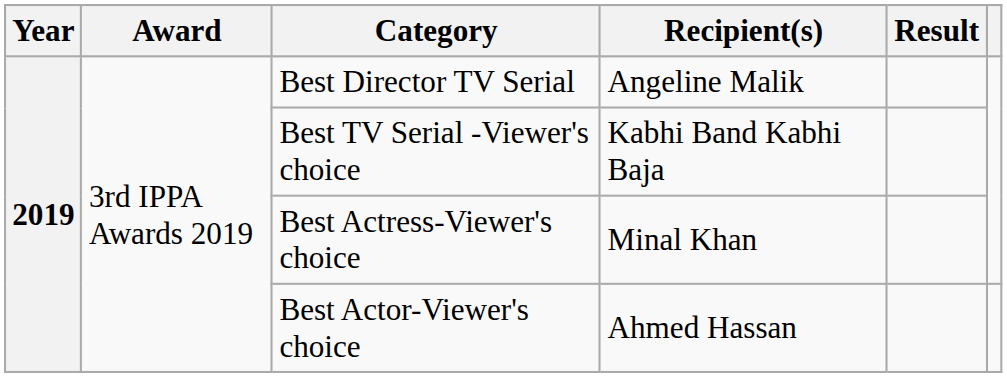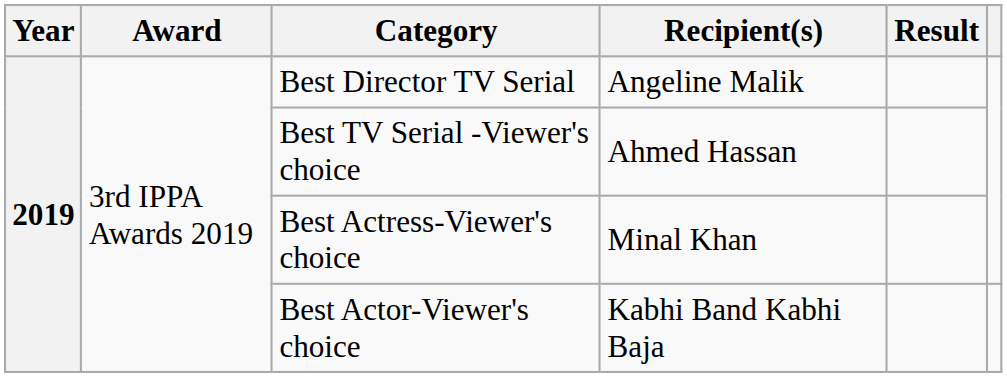 <table class="wikitable" width="78%" style="font-size: 95%;">
 <tr style="background:#ccc; text-align:center;">
 <th scope="col" width="6%">Year</th>
 <th scope="col" width="20%">Award</th>
 <th scope="col" width="35%">Category</th>
 <th scope="col" width="30%">Recipient(s)</th>
 <th scope="col" width="10%">Result</th>
 <th></th>
 </tr>
 <tr>
 <th rowspan="4">2019</th>
 <td rowspan="4">3rd IPPA Awards 2019</td>
 <td>Best Director TV Serial</td>
 <td>Angeline Malik</td>
 <td></td>
 <td rowspan="3"></td>
 </tr>
 <tr>
 <td>Best TV Serial -Viewer's choice</td>
-<td>Kabhi Band Kabhi Baja</td>
+<td>Ahmed Hassan</td>
 <td></td>
 </tr>
 <tr>
 <td>Best Actress-Viewer's choice</td>
 <td>Minal Khan</td>
 <td></td>
 </tr>
 <tr>
 <td>Best Actor-Viewer's choice</td>
-<td>Ahmed Hassan</td>
+<td>Kabhi Band Kabhi Baja</td>
 <td></td>
 </tr>
 </table>
